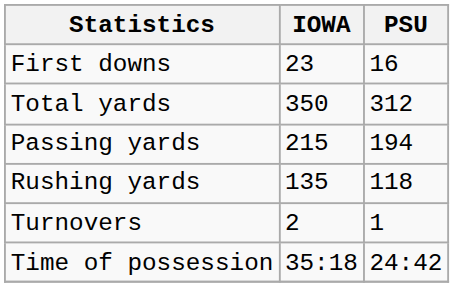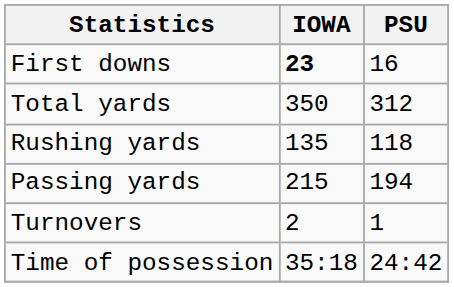 <table class="wikitable">
 <tr>
 <th>Statistics</th>
 <th>IOWA</th>
 <th>PSU</th>
 </tr>
 <tr>
 <td>First downs</td>
-<td>23</td>
+<td><strong>23</strong></td>
 <td>16</td>
 </tr>
 <tr>
 <td>Total yards</td>
 <td>350</td>
 <td>312</td>
 </tr>
 <tr>
+<td>Rushing yards</td>
+<td>135</td>
+<td>118</td>
+</tr>
+<tr>
 <td>Passing yards</td>
 <td>215</td>
 <td>194</td>
-</tr>
-<tr>
-<td>Rushing yards</td>
-<td>135</td>
-<td>118</td>
 </tr>
 <tr>
 <td>Turnovers</td>
 <td>2</td>
 <td>1</td>
 </tr>
 <tr>
 <td>Time of possession</td>
 <td>35:18</td>
 <td>24:42</td>
 </tr>
 <tr>
 </tr>
 </table>
